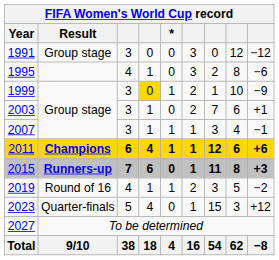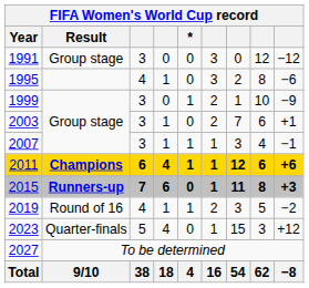 <table class="wikitable" style="text-align: center;font-size:95%;">
 <tr>
 <th colspan=9><a href='#'>FIFA Women's World Cup</a> record</th>
 </tr>
 <tr>
 <th>Year</th>
 <th>Result</th>
 <th width=20></th>
 <th width=20></th>
 <th width=20>*</th>
 <th width=20></th>
 <th width=20></th>
 <th width=20></th>
 <th width=20></th>
 </tr>
 <tr>
 <td> <a href='#'>1991</a></td>
 <td>Group stage</td>
 <td>3</td>
 <td>0</td>
 <td>0</td>
 <td>3</td>
 <td>0</td>
 <td>12</td>
 <td>−12</td>
 </tr>
 <tr>
 <td> <a href='#'>1995</a></td>
 <td></td>
 <td>4</td>
 <td>1</td>
 <td>0</td>
 <td>3</td>
 <td>2</td>
 <td>8</td>
 <td>−6</td>
 </tr>
 <tr>
 <td> <a href='#'>1999</a></td>
 <td rowspan=3>Group stage</td>
 <td>3</td>
-<td style="background: gold;">0</td>
+<td>0</td>
 <td>1</td>
 <td>2</td>
 <td>1</td>
 <td>10</td>
 <td>−9</td>
 </tr>
 <tr>
 <td> <a href='#'>2003</a></td>
 <td>3</td>
 <td>1</td>
 <td>0</td>
 <td>2</td>
 <td>7</td>
 <td>6</td>
 <td>+1</td>
 </tr>
 <tr>
 <td> <a href='#'>2007</a></td>
 <td>3</td>
 <td>1</td>
 <td>1</td>
 <td>1</td>
 <td>3</td>
 <td>4</td>
 <td>−1</td>
 </tr>
 <tr bgcolor=gold>
 <td> <a href='#'>2011</a></td>
 <td><strong><a href='#'>Champions</a></strong></td>
 <td><strong>6</strong></td>
 <td><strong>4</strong></td>
 <td><strong>1</strong></td>
 <td><strong>1</strong></td>
 <td><strong>12</strong></td>
 <td><strong>6</strong></td>
 <td><strong>+6</strong></td>
 </tr>
 <tr bgcolor=silver>
 <td> <a href='#'>2015</a></td>
 <td><strong><a href='#'>Runners-up</a></strong></td>
 <td><strong>7</strong></td>
 <td><strong>6</strong></td>
 <td><strong>0</strong></td>
 <td><strong>1</strong></td>
 <td><strong>11</strong></td>
 <td><strong>8</strong></td>
 <td><strong>+3</strong></td>
 </tr>
 <tr>
 <td> <a href='#'>2019</a></td>
 <td>Round of 16</td>
 <td>4</td>
 <td>1</td>
 <td>1</td>
 <td>2</td>
 <td>3</td>
 <td>5</td>
 <td>−2</td>
 </tr>
 <tr>
 <td>  <a href='#'>2023</a></td>
 <td>Quarter-finals</td>
 <td>5</td>
 <td>4</td>
 <td>0</td>
 <td>1</td>
 <td>15</td>
 <td>3</td>
 <td>+12</td>
 </tr>
 <tr>
 <td> <a href='#'>2027</a></td>
 <td colspan=8><em>To be determined</em></td>
 </tr>
 <tr>
 <th><strong>Total</strong></th>
 <th><strong>9/10</strong></th>
 <th><strong>38</strong></th>
 <th><strong>18</strong></th>
 <th><strong>4</strong></th>
 <th><strong>16</strong></th>
 <th><strong>54</strong></th>
 <th><strong>62</strong></th>
 <th><strong>−8</strong></th>
 </tr>
 </table>
